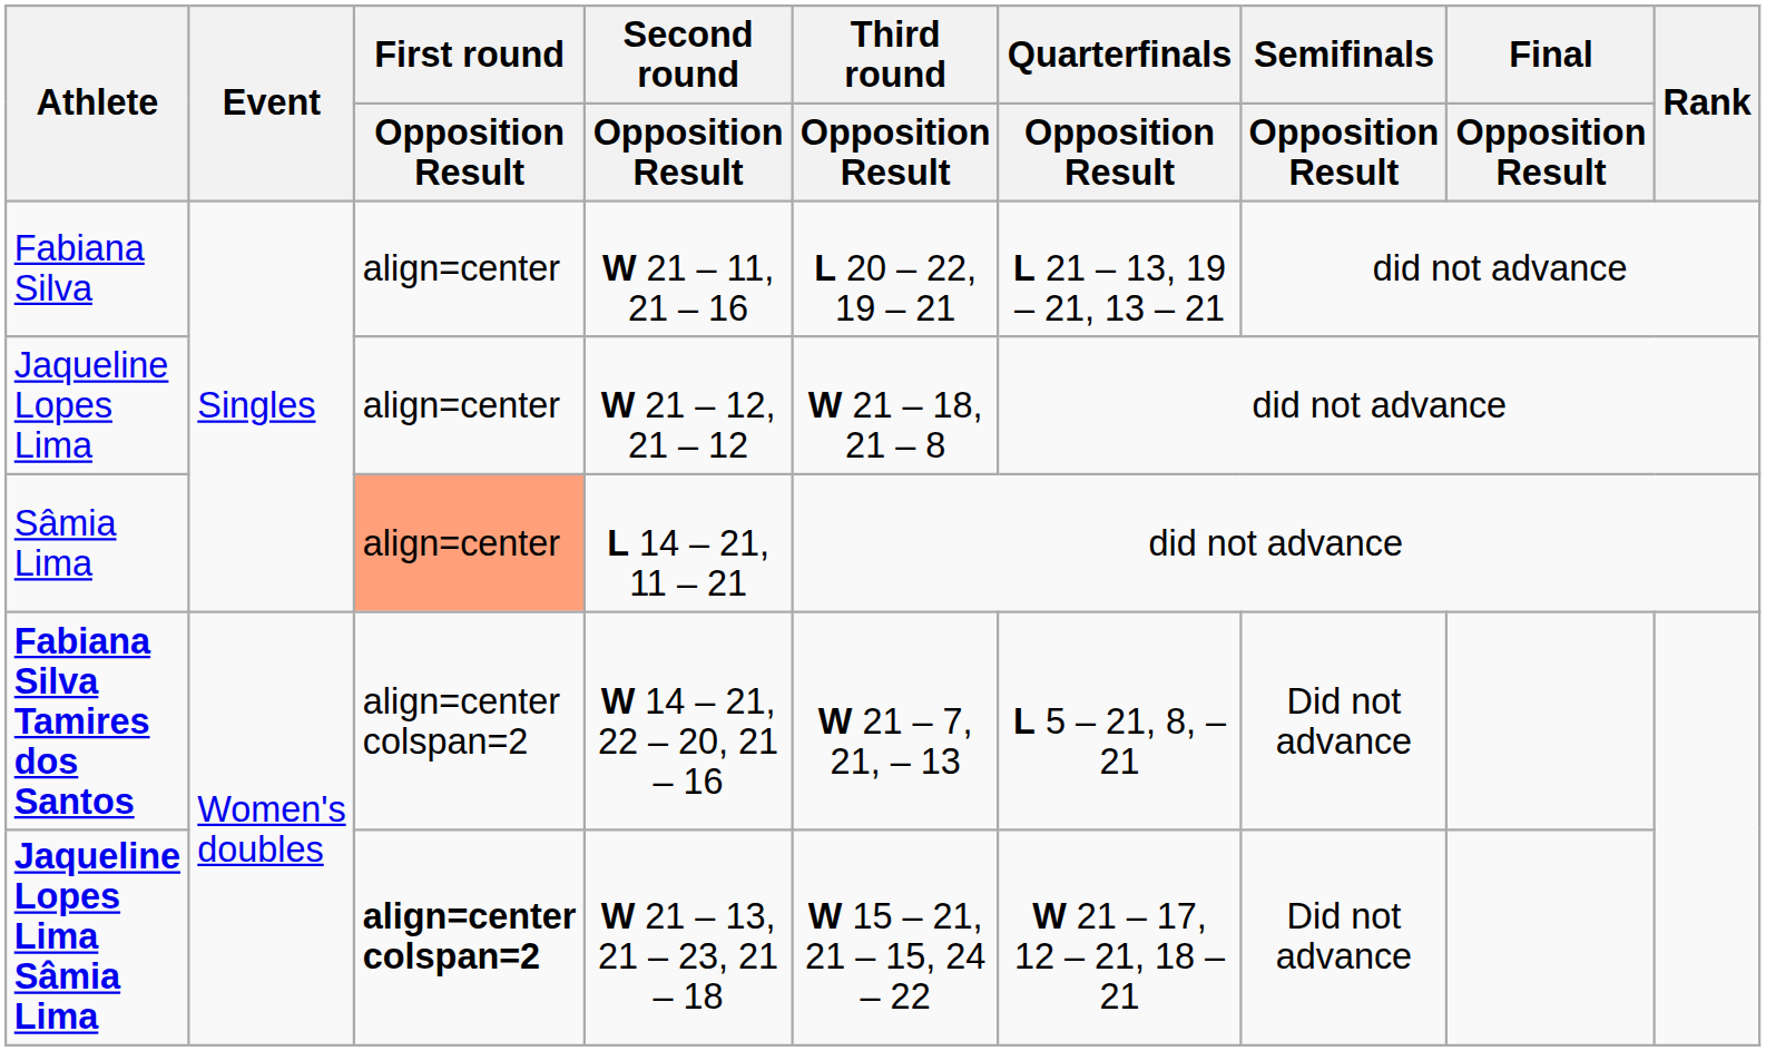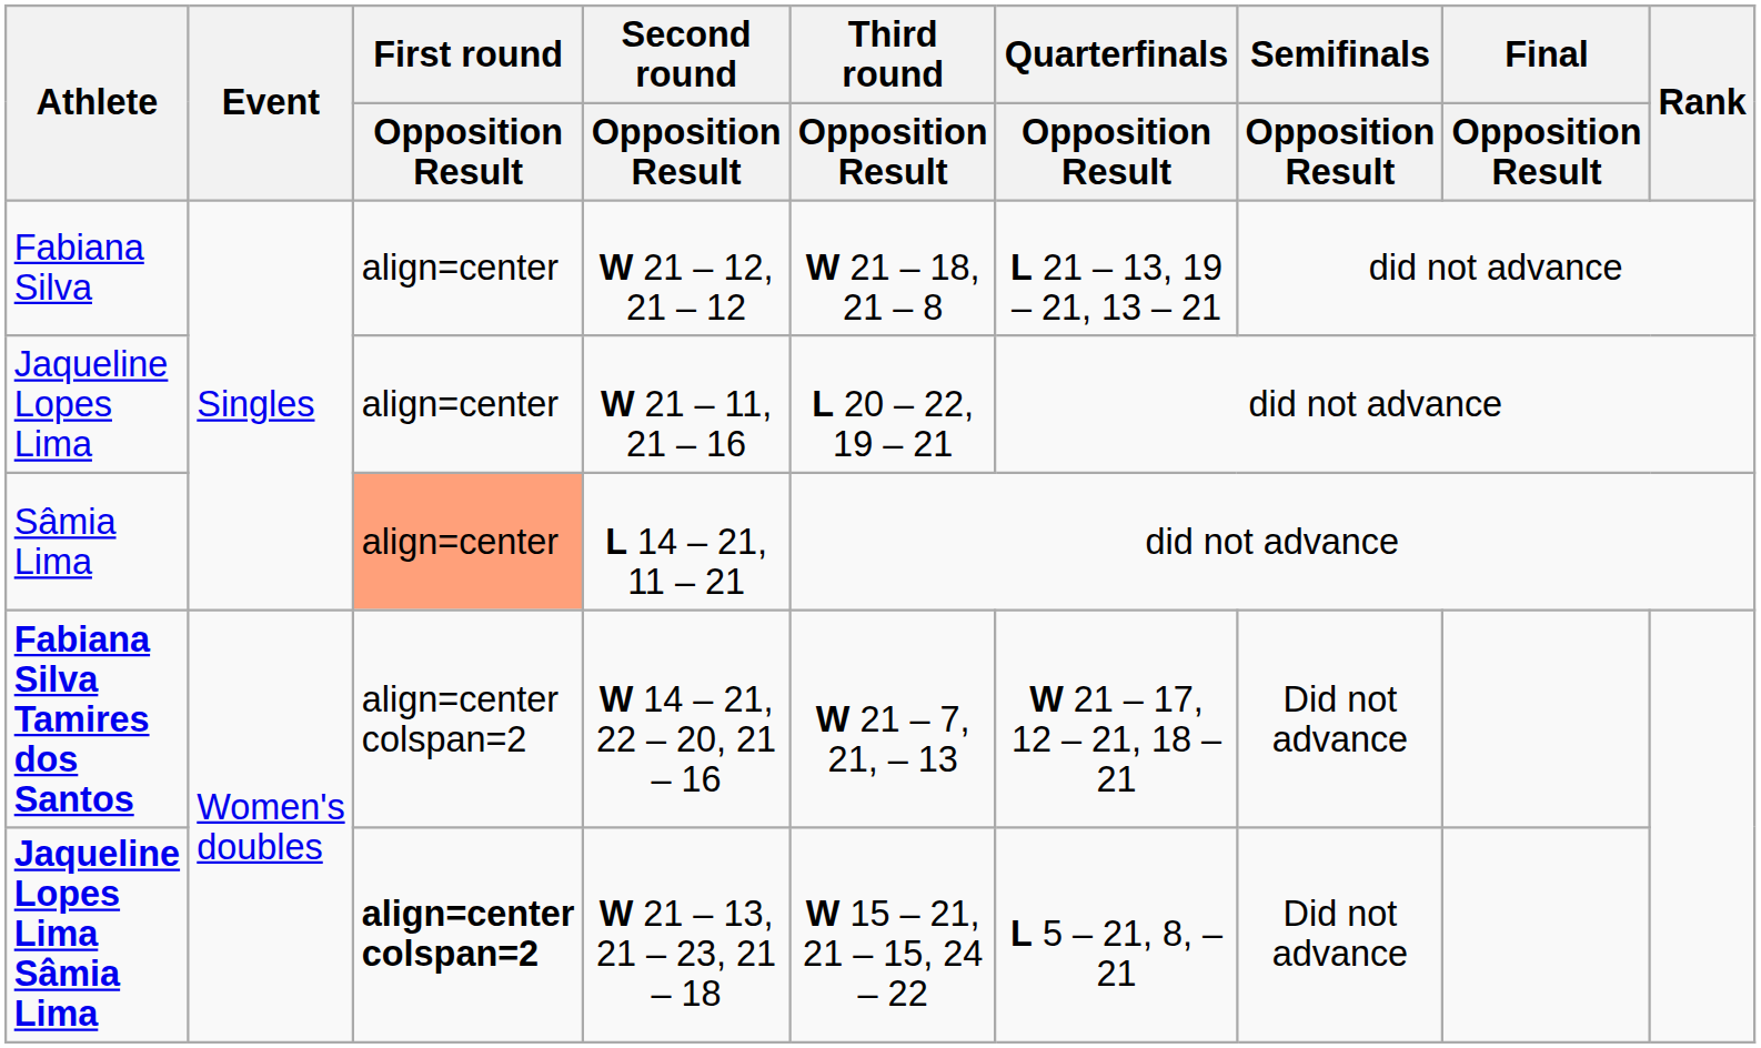 <table class="wikitable" style="font-size:90%">
 <tr>
 <th rowspan="2">Athlete</th>
 <th rowspan="2">Event</th>
 <th>First round</th>
 <th>Second round</th>
 <th>Third round</th>
 <th>Quarterfinals</th>
 <th>Semifinals</th>
 <th>Final</th>
 <th rowspan="2">Rank</th>
 </tr>
 <tr>
 <th>Opposition<br>Result</th>
 <th>Opposition<br>Result</th>
 <th>Opposition<br>Result</th>
 <th>Opposition<br>Result</th>
 <th>Opposition<br>Result</th>
 <th>Opposition<br>Result</th>
 </tr>
 <tr>
 <td><a href='#'>Fabiana Silva</a></td>
 <td rowspan=3><a href='#'>Singles</a></td>
 <td>align=center </td>
-<td align=center><br><strong>W</strong> 21 – 11, 21 – 16</td>
-<td align=center><br><strong>L</strong> 20 – 22, 19 – 21</td>
+<td align=center><br><strong>W</strong> 21 – 12, 21 – 12</td>
+<td align=center><br><strong>W</strong> 21 – 18, 21 – 8</td>
 <td align=center><br><strong>L</strong> 21 – 13, 19 – 21, 13 – 21</td>
 <td align=center colspan=3>did not advance</td>
 </tr>
 <tr>
 <td><a href='#'>Jaqueline Lopes Lima</a></td>
 <td>align=center </td>
-<td align=center><br><strong>W</strong> 21 – 12, 21 – 12</td>
-<td align=center><br><strong>W</strong> 21 – 18, 21 – 8</td>
+<td align=center><br><strong>W</strong> 21 – 11, 21 – 16</td>
+<td align=center><br><strong>L</strong> 20 – 22, 19 – 21</td>
 <td align=center colspan=4>did not advance</td>
 </tr>
 <tr>
 <td><a href='#'>Sâmia Lima</a></td>
 <td style="background: lightsalmon;">align=center </td>
 <td align=center><br><strong>L</strong> 14 – 21, 11 – 21</td>
 <td align=center colspan=5>did not advance</td>
 </tr>
 <tr>
 <td><strong><a href='#'>Fabiana Silva</a></strong><br><strong><a href='#'>Tamires dos Santos</a></strong></td>
 <td rowspan=2><a href='#'>Women's doubles</a></td>
 <td>align=center colspan=2 </td>
 <td align=center><br><strong>W</strong> 14 – 21, 22 – 20, 21 – 16</td>
 <td align=center><br><strong>W</strong> 21 – 7, 21, – 13</td>
-<td align=center><br><strong>L</strong> 5 – 21, 8, – 21</td>
+<td align=center><br><strong>W</strong> 21 – 17, 12 – 21, 18 – 21</td>
 <td align=center>Did not advance</td>
 <td align=center></td>
 </tr>
 <tr |->
 <td><strong><a href='#'>Jaqueline Lopes Lima</a></strong><br><strong><a href='#'>Sâmia Lima</a></strong></td>
 <td><strong>align=center colspan=2 </strong></td>
 <td align=center><br><strong>W</strong> 21 – 13, 21 – 23, 21 – 18</td>
 <td align=center><br><strong>W</strong> 15 – 21, 21 – 15, 24 – 22</td>
-<td align=center><br><strong>W</strong> 21 – 17, 12 – 21, 18 – 21</td>
+<td align=center><br><strong>L</strong> 5 – 21, 8, – 21</td>
 <td align=center>Did not advance</td>
 <td align=center></td>
 </tr>
 </table>
